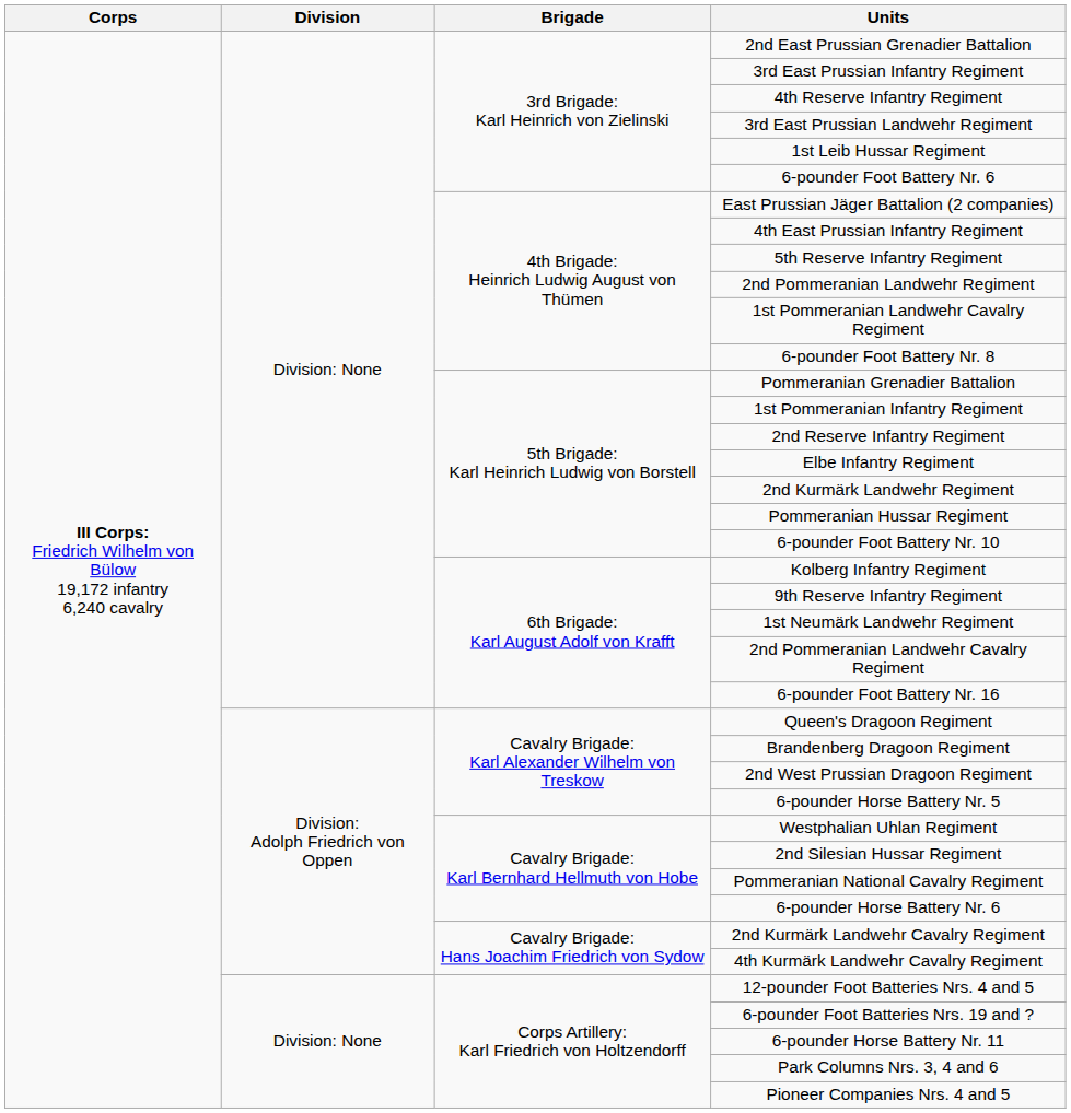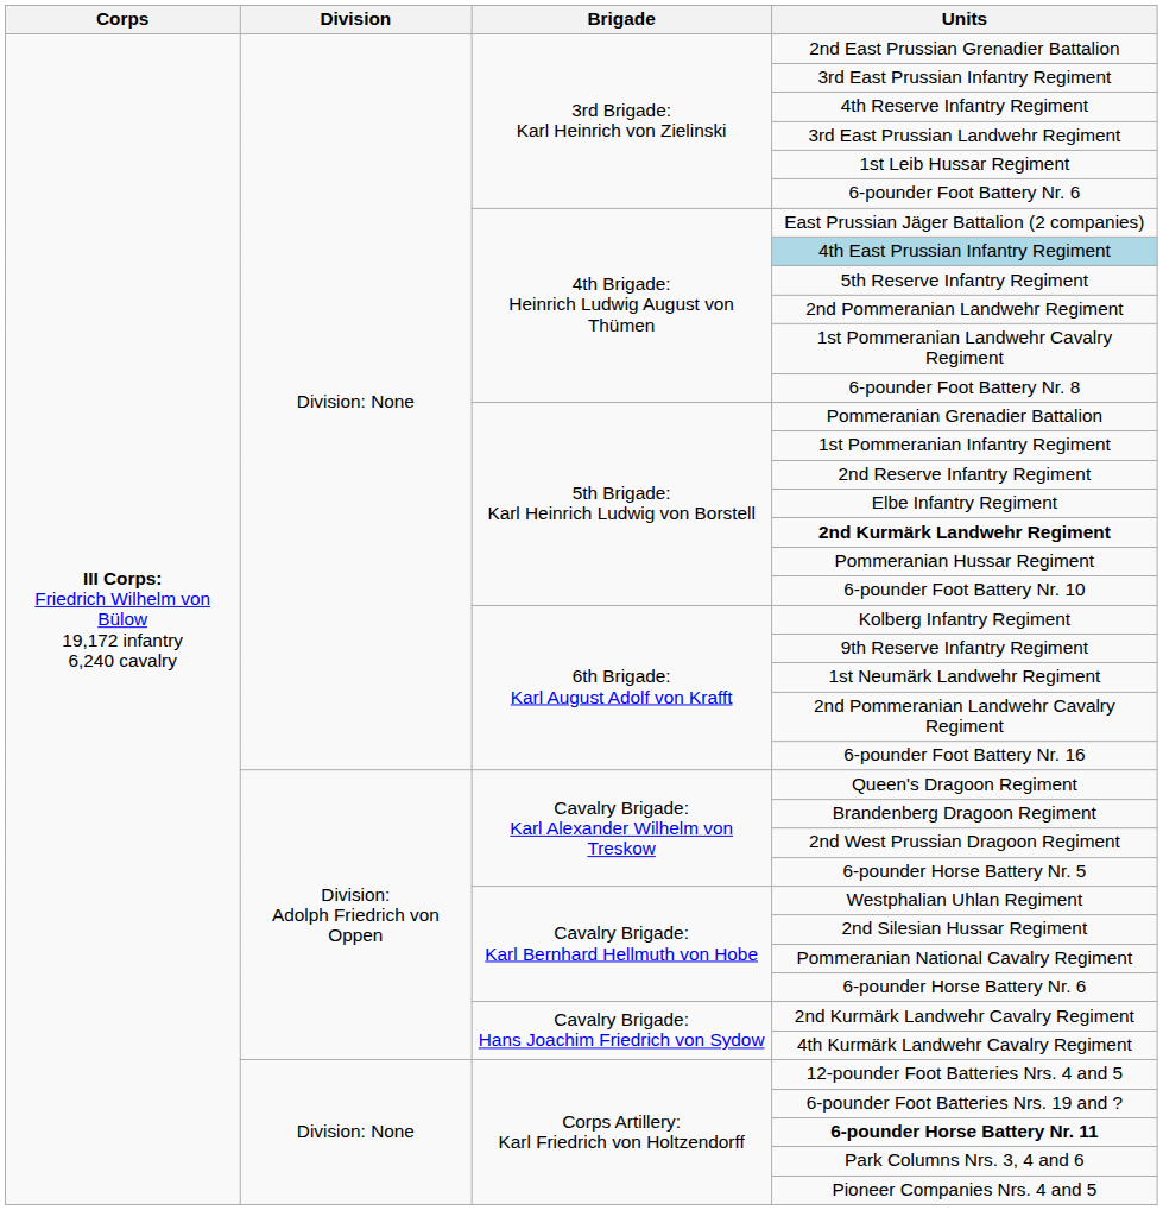 <table class="wikitable collapsible collapsed" style="text-align:center; width:80%;">
 <tr>
 <th>Corps</th>
 <th>Division</th>
 <th>Brigade</th>
 <th>Units</th>
 </tr>
 <tr>
 <td ROWSPAN=39><strong>III Corps:</strong><br><a href='#'>Friedrich Wilhelm von Bülow</a><br>19,172 infantry<br>6,240 cavalry</td>
 <td ROWSPAN=24>Division: None</td>
 <td ROWSPAN=6>3rd Brigade:<br>Karl Heinrich von Zielinski</td>
 <td>2nd East Prussian Grenadier Battalion</td>
 </tr>
 <tr>
 <td>3rd East Prussian Infantry Regiment</td>
 </tr>
 <tr>
 <td>4th Reserve Infantry Regiment</td>
 </tr>
 <tr>
 <td>3rd East Prussian Landwehr Regiment</td>
 </tr>
 <tr>
 <td>1st Leib Hussar Regiment</td>
 </tr>
 <tr>
 <td>6-pounder Foot Battery Nr. 6</td>
 </tr>
 <tr>
 <td ROWSPAN=6>4th Brigade:<br>Heinrich Ludwig August von Thümen</td>
 <td>East Prussian Jäger Battalion (2 companies)</td>
 </tr>
 <tr>
-<td>4th East Prussian Infantry Regiment</td>
+<td style="background: lightblue;">4th East Prussian Infantry Regiment</td>
 </tr>
 <tr>
 <td>5th Reserve Infantry Regiment</td>
 </tr>
 <tr>
 <td>2nd Pommeranian Landwehr Regiment</td>
 </tr>
 <tr>
 <td>1st Pommeranian Landwehr Cavalry Regiment</td>
 </tr>
 <tr>
 <td>6-pounder Foot Battery Nr. 8</td>
 </tr>
 <tr>
 <td ROWSPAN=7>5th Brigade:<br>Karl Heinrich Ludwig von Borstell</td>
 <td>Pommeranian Grenadier Battalion</td>
 </tr>
 <tr>
 <td>1st Pommeranian Infantry Regiment</td>
 </tr>
 <tr>
 <td>2nd Reserve Infantry Regiment</td>
 </tr>
 <tr>
 <td>Elbe Infantry Regiment</td>
 </tr>
 <tr>
-<td>2nd Kurmärk Landwehr Regiment</td>
+<td><strong>2nd Kurmärk Landwehr Regiment</strong></td>
 </tr>
 <tr>
 <td>Pommeranian Hussar Regiment</td>
 </tr>
 <tr>
 <td>6-pounder Foot Battery Nr. 10</td>
 </tr>
 <tr>
 <td ROWSPAN=5>6th Brigade:<br><a href='#'>Karl August Adolf von Krafft</a></td>
 <td>Kolberg Infantry Regiment</td>
 </tr>
 <tr>
 <td>9th Reserve Infantry Regiment</td>
 </tr>
 <tr>
 <td>1st Neumärk Landwehr Regiment</td>
 </tr>
 <tr>
 <td>2nd Pommeranian Landwehr Cavalry Regiment</td>
 </tr>
 <tr>
 <td>6-pounder Foot Battery Nr. 16</td>
 </tr>
 <tr>
 <td ROWSPAN=10>Division:<br>Adolph Friedrich von Oppen</td>
 <td ROWSPAN=4>Cavalry Brigade:<br><a href='#'>Karl Alexander Wilhelm von Treskow</a></td>
 <td>Queen's Dragoon Regiment</td>
 </tr>
 <tr>
 <td>Brandenberg Dragoon Regiment</td>
 </tr>
 <tr>
 <td>2nd West Prussian Dragoon Regiment</td>
 </tr>
 <tr>
 <td>6-pounder Horse Battery Nr. 5</td>
 </tr>
 <tr>
 <td ROWSPAN=4>Cavalry Brigade:<br><a href='#'>Karl Bernhard Hellmuth von Hobe</a></td>
 <td>Westphalian Uhlan Regiment</td>
 </tr>
 <tr>
 <td>2nd Silesian Hussar Regiment</td>
 </tr>
 <tr>
 <td>Pommeranian National Cavalry Regiment</td>
 </tr>
 <tr>
 <td>6-pounder Horse Battery Nr. 6</td>
 </tr>
 <tr>
 <td ROWSPAN=2>Cavalry Brigade:<br><a href='#'>Hans Joachim Friedrich von Sydow</a></td>
 <td>2nd Kurmärk Landwehr Cavalry Regiment</td>
 </tr>
 <tr>
 <td>4th Kurmärk Landwehr Cavalry Regiment</td>
 </tr>
 <tr>
 <td ROWSPAN=5>Division: None</td>
 <td ROWSPAN=5>Corps Artillery:<br>Karl Friedrich von Holtzendorff</td>
 <td>12-pounder Foot Batteries Nrs. 4 and 5</td>
 </tr>
 <tr>
 <td>6-pounder Foot Batteries Nrs. 19 and ?</td>
 </tr>
 <tr>
-<td>6-pounder Horse Battery Nr. 11</td>
+<td><strong>6-pounder Horse Battery Nr. 11</strong></td>
 </tr>
 <tr>
 <td>Park Columns Nrs. 3, 4 and 6</td>
 </tr>
 <tr>
 <td>Pioneer Companies Nrs. 4 and 5</td>
 </tr>
 </table>
